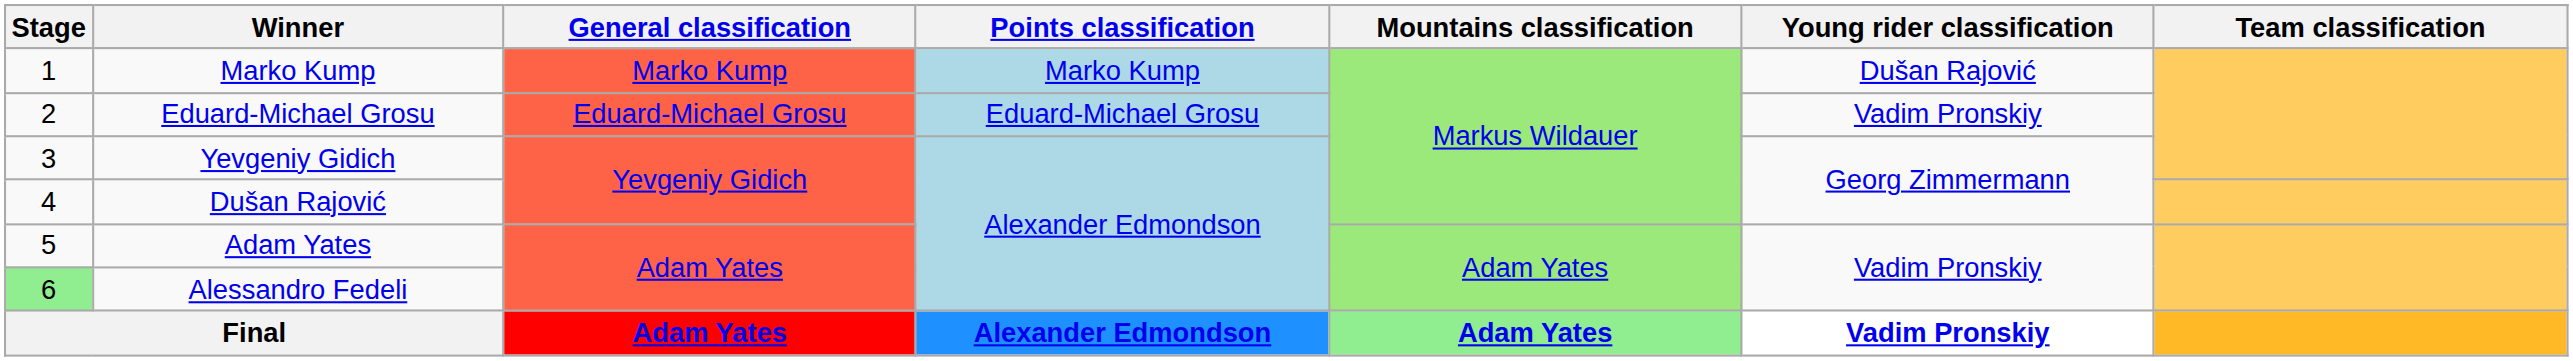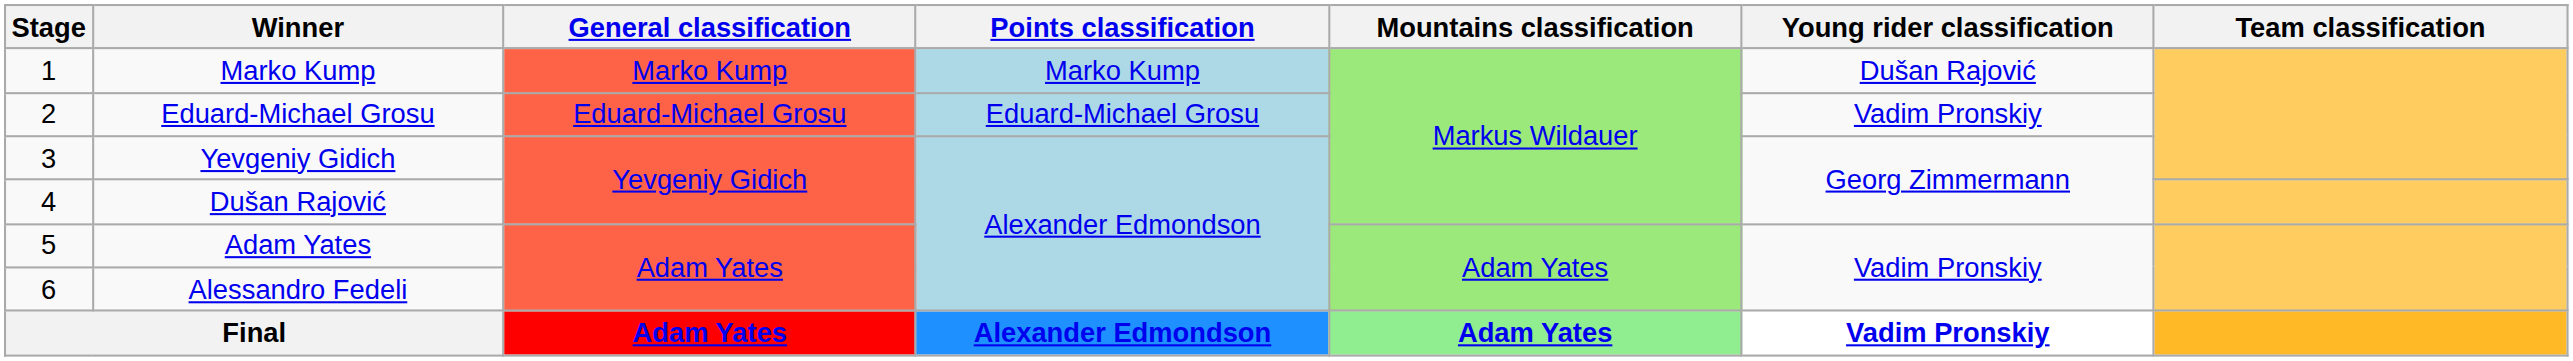 <table class="wikitable" style="text-align: center; font-size:smaller;">
 <tr style="background:#efefef;">
 <th scope="col" style="width:1%;">Stage</th>
 <th scope="col" style="width:16.5%;">Winner</th>
 <th scope="col" style="width:16.5%;"><a href='#'>General classification</a><br></th>
 <th scope="col" style="width:16.5%;"><a href='#'>Points classification</a><br></th>
 <th scope="col" style="width:16.5%;">Mountains classification<br></th>
 <th scope="col" style="width:16.5%;">Young rider classification<br></th>
 <th scope="col" style="width:16.5%;">Team classification<br></th>
 </tr>
 <tr>
 <td scope="row">1</td>
 <td><a href='#'>Marko Kump</a></td>
 <td style="background:tomato;"><a href='#'>Marko Kump</a></td>
 <td style="background:lightblue;"><a href='#'>Marko Kump</a></td>
 <td style="background:#9CE97B;" rowspan=4><a href='#'>Markus Wildauer</a></td>
 <td style="background:offwhite;"><a href='#'>Dušan Rajović</a></td>
 <td style="background:#FFCD5F;" rowspan=3></td>
 </tr>
 <tr>
 <td scope="row">2</td>
 <td><a href='#'>Eduard-Michael Grosu</a></td>
 <td style="background:tomato;"><a href='#'>Eduard-Michael Grosu</a></td>
 <td style="background:lightblue;"><a href='#'>Eduard-Michael Grosu</a></td>
 <td style="background:offwhite;"><a href='#'>Vadim Pronskiy</a></td>
 </tr>
 <tr>
 <td scope="row">3</td>
 <td><a href='#'>Yevgeniy Gidich</a></td>
 <td style="background:tomato;" rowspan=2><a href='#'>Yevgeniy Gidich</a></td>
 <td style="background:lightblue;" rowspan=4><a href='#'>Alexander Edmondson</a></td>
 <td style="background:offwhite;" rowspan=2><a href='#'>Georg Zimmermann</a></td>
 </tr>
 <tr>
 <td scope="row">4</td>
 <td><a href='#'>Dušan Rajović</a></td>
 <td style="background:#FFCD5F;"></td>
 </tr>
 <tr>
 <td scope="row">5</td>
 <td><a href='#'>Adam Yates</a></td>
 <td style="background:tomato;"rowspan=2><a href='#'>Adam Yates</a></td>
 <td style="background:#9CE97B;"rowspan=2><a href='#'>Adam Yates</a></td>
 <td style="background:offwhite;"rowspan=2><a href='#'>Vadim Pronskiy</a></td>
 <td style="background:#FFCD5F;" rowspan=2></td>
 </tr>
 <tr>
-<td scope="row" style="background: lightgreen;">6</td>
+<td scope="row">6</td>
 <td><a href='#'>Alessandro Fedeli</a></td>
 </tr>
 <tr>
 <th colspan="2">Final</th>
 <th style="background:red;"><a href='#'>Adam Yates</a></th>
 <th style="background:dodgerblue;"><a href='#'>Alexander Edmondson</a></th>
 <th style="background:lightgreen;"><a href='#'>Adam Yates</a></th>
 <th style="background:white;"><a href='#'>Vadim Pronskiy</a></th>
 <th style="background:#FFB927;"></th>
 </tr>
 </table>
